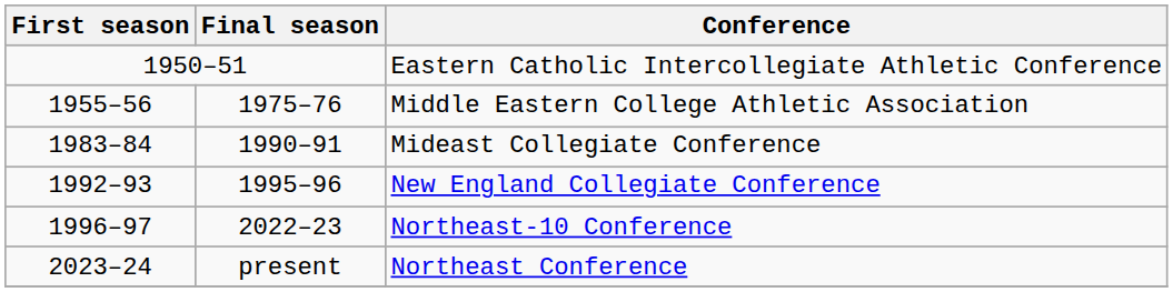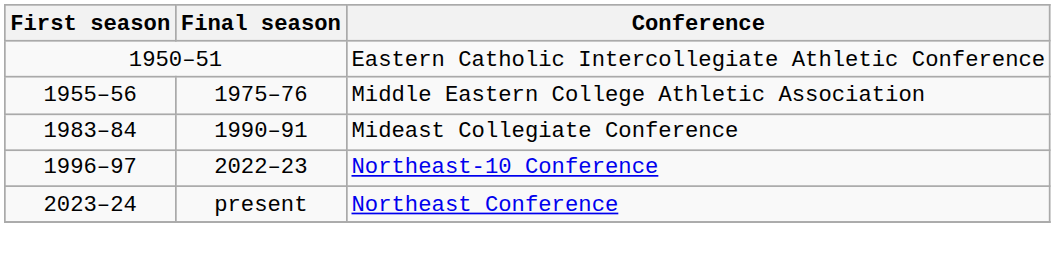 <table class="wikitable">
 <tr>
 <th>First season</th>
 <th>Final season</th>
 <th>Conference</th>
 </tr>
 <tr>
 <td colspan="2"; style="text-align:center">1950–51</td>
 <td>Eastern Catholic Intercollegiate Athletic Conference</td>
 </tr>
 <tr>
 <td style="text-align:center">1955–56</td>
 <td style="text-align:center">1975–76</td>
 <td>Middle Eastern College Athletic Association</td>
 </tr>
 <tr>
 <td style="text-align:center">1983–84</td>
 <td style="text-align:center">1990–91</td>
 <td>Mideast Collegiate Conference</td>
 </tr>
 <tr>
-<td style="text-align:center">1992–93</td>
-<td style="text-align:center">1995–96</td>
-<td><a href='#'>New England Collegiate Conference</a></td>
-</tr>
-<tr>
 <td style="text-align:center">1996–97</td>
 <td style="text-align:center">2022–23</td>
 <td><a href='#'>Northeast-10 Conference</a></td>
 </tr>
 <tr>
 <td style="text-align:center">2023–24</td>
 <td style="text-align:center">present</td>
 <td><a href='#'>Northeast Conference</a></td>
 </tr>
 <tr>
 </tr>
 </table>
